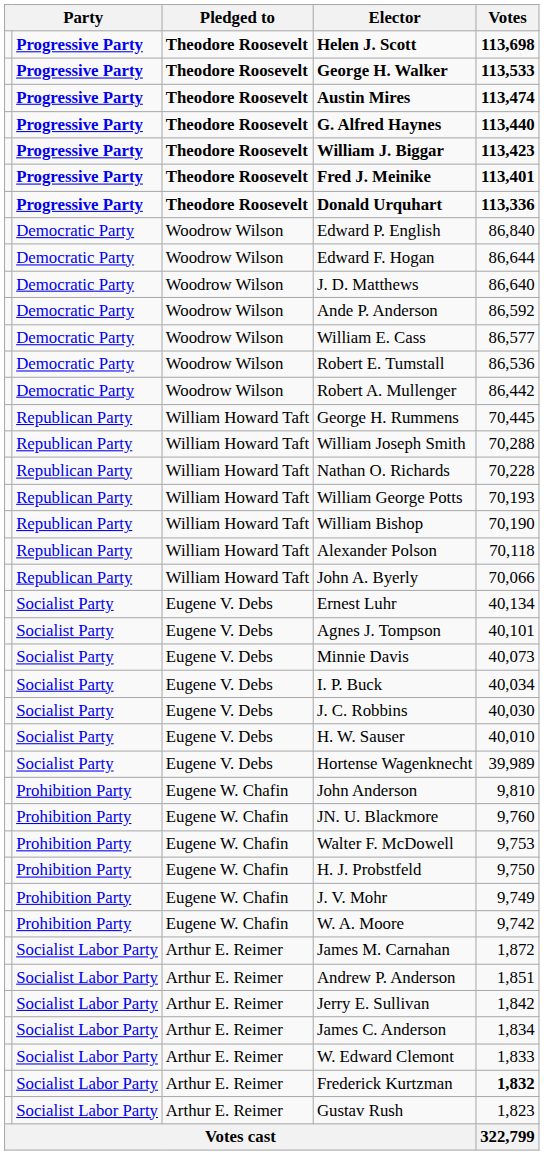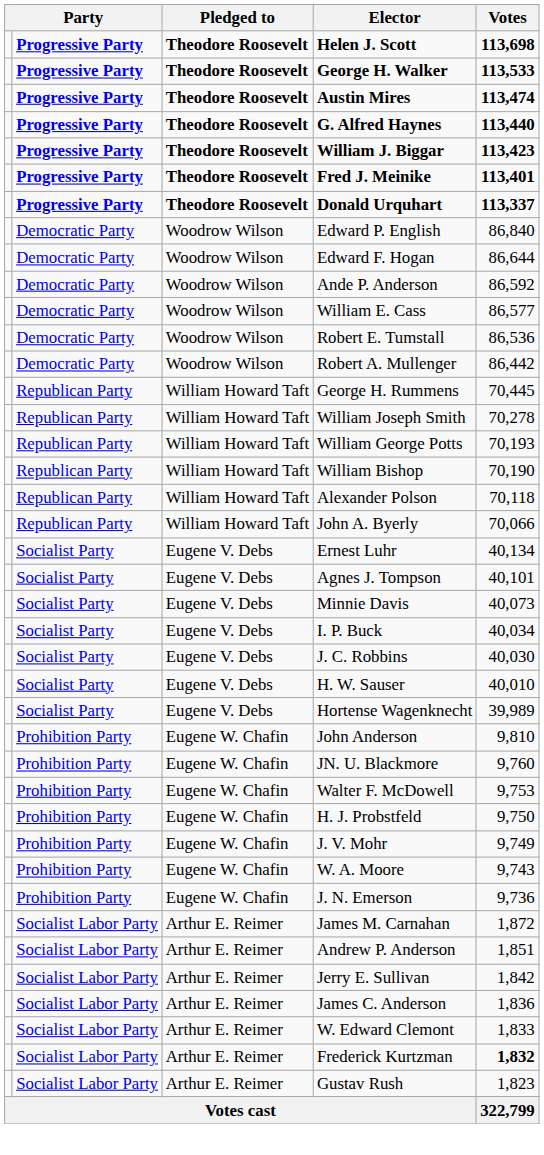 <table class="wikitable">
 <tr>
 <th colspan=2>Party</th>
 <th>Pledged to</th>
 <th>Elector</th>
 <th>Votes</th>
 </tr>
 <tr style="font-weight:bold">
 <td></td>
 <td><a href='#'>Progressive Party</a></td>
 <td>Theodore Roosevelt</td>
 <td>Helen J. Scott</td>
 <td align="right">113,698</td>
 </tr>
 <tr style="font-weight:bold">
 <td></td>
 <td><a href='#'>Progressive Party</a></td>
 <td>Theodore Roosevelt</td>
 <td>George H. Walker</td>
 <td align="right">113,533</td>
 </tr>
 <tr style="font-weight:bold">
 <td></td>
 <td><a href='#'>Progressive Party</a></td>
 <td>Theodore Roosevelt</td>
 <td>Austin Mires</td>
 <td align="right">113,474</td>
 </tr>
 <tr style="font-weight:bold">
 <td></td>
 <td><a href='#'>Progressive Party</a></td>
 <td>Theodore Roosevelt</td>
 <td>G. Alfred Haynes</td>
 <td align="right">113,440</td>
 </tr>
 <tr style="font-weight:bold">
 <td></td>
 <td><a href='#'>Progressive Party</a></td>
 <td>Theodore Roosevelt</td>
 <td>William J. Biggar</td>
 <td align="right">113,423</td>
 </tr>
 <tr style="font-weight:bold">
 <td></td>
 <td><a href='#'>Progressive Party</a></td>
 <td>Theodore Roosevelt</td>
 <td>Fred J. Meinike</td>
 <td align="right">113,401</td>
 </tr>
 <tr style="font-weight:bold">
 <td></td>
 <td><a href='#'>Progressive Party</a></td>
 <td>Theodore Roosevelt</td>
 <td>Donald Urquhart</td>
-<td align="right">113,336</td>
+<td align="right">113,337</td>
 </tr>
 <tr>
 <td></td>
 <td><a href='#'>Democratic Party</a></td>
 <td>Woodrow Wilson</td>
 <td>Edward P. English</td>
 <td align="right">86,840</td>
 </tr>
 <tr>
 <td></td>
 <td><a href='#'>Democratic Party</a></td>
 <td>Woodrow Wilson</td>
 <td>Edward F. Hogan</td>
 <td align="right">86,644</td>
-</tr>
-<tr>
-<td></td>
-<td><a href='#'>Democratic Party</a></td>
-<td>Woodrow Wilson</td>
-<td>J. D. Matthews</td>
-<td align="right">86,640</td>
 </tr>
 <tr>
 <td></td>
 <td><a href='#'>Democratic Party</a></td>
 <td>Woodrow Wilson</td>
 <td>Ande P. Anderson</td>
 <td align="right">86,592</td>
 </tr>
 <tr>
 <td></td>
 <td><a href='#'>Democratic Party</a></td>
 <td>Woodrow Wilson</td>
 <td>William E. Cass</td>
 <td align="right">86,577</td>
 </tr>
 <tr>
 <td></td>
 <td><a href='#'>Democratic Party</a></td>
 <td>Woodrow Wilson</td>
 <td>Robert E. Tumstall</td>
 <td align="right">86,536</td>
 </tr>
 <tr>
 <td></td>
 <td><a href='#'>Democratic Party</a></td>
 <td>Woodrow Wilson</td>
 <td>Robert A. Mullenger</td>
 <td align="right">86,442</td>
 </tr>
 <tr>
 <td></td>
 <td><a href='#'>Republican Party</a></td>
 <td>William Howard Taft</td>
 <td>George H. Rummens</td>
 <td align="right">70,445</td>
 </tr>
 <tr>
 <td></td>
 <td><a href='#'>Republican Party</a></td>
 <td>William Howard Taft</td>
 <td>William Joseph Smith</td>
-<td align="right">70,288</td>
-</tr>
-<tr>
-<td></td>
-<td><a href='#'>Republican Party</a></td>
-<td>William Howard Taft</td>
-<td>Nathan O. Richards</td>
-<td align="right">70,228</td>
+<td align="right">70,278</td>
 </tr>
 <tr>
 <td></td>
 <td><a href='#'>Republican Party</a></td>
 <td>William Howard Taft</td>
 <td>William George Potts</td>
 <td align="right">70,193</td>
 </tr>
 <tr>
 <td></td>
 <td><a href='#'>Republican Party</a></td>
 <td>William Howard Taft</td>
 <td>William Bishop</td>
 <td align="right">70,190</td>
 </tr>
 <tr>
 <td></td>
 <td><a href='#'>Republican Party</a></td>
 <td>William Howard Taft</td>
 <td>Alexander Polson</td>
 <td align="right">70,118</td>
 </tr>
 <tr>
 <td></td>
 <td><a href='#'>Republican Party</a></td>
 <td>William Howard Taft</td>
 <td>John A. Byerly</td>
 <td align="right">70,066</td>
 </tr>
 <tr>
 <td></td>
 <td><a href='#'>Socialist Party</a></td>
 <td>Eugene V. Debs</td>
 <td>Ernest Luhr</td>
 <td align="right">40,134</td>
 </tr>
 <tr>
 <td></td>
 <td><a href='#'>Socialist Party</a></td>
 <td>Eugene V. Debs</td>
 <td>Agnes J. Tompson</td>
 <td align="right">40,101</td>
 </tr>
 <tr>
 <td></td>
 <td><a href='#'>Socialist Party</a></td>
 <td>Eugene V. Debs</td>
 <td>Minnie Davis</td>
 <td align="right">40,073</td>
 </tr>
 <tr>
 <td></td>
 <td><a href='#'>Socialist Party</a></td>
 <td>Eugene V. Debs</td>
 <td>I. P. Buck</td>
 <td align="right">40,034</td>
 </tr>
 <tr>
 <td></td>
 <td><a href='#'>Socialist Party</a></td>
 <td>Eugene V. Debs</td>
 <td>J. C. Robbins</td>
 <td align="right">40,030</td>
 </tr>
 <tr>
 <td></td>
 <td><a href='#'>Socialist Party</a></td>
 <td>Eugene V. Debs</td>
 <td>H. W. Sauser</td>
 <td align="right">40,010</td>
 </tr>
 <tr>
 <td></td>
 <td><a href='#'>Socialist Party</a></td>
 <td>Eugene V. Debs</td>
 <td>Hortense Wagenknecht</td>
 <td align="right">39,989</td>
 </tr>
 <tr>
 <td></td>
 <td><a href='#'>Prohibition Party</a></td>
 <td>Eugene W. Chafin</td>
 <td>John Anderson</td>
 <td align="right">9,810</td>
 </tr>
 <tr>
 <td></td>
 <td><a href='#'>Prohibition Party</a></td>
 <td>Eugene W. Chafin</td>
 <td>JN. U. Blackmore</td>
 <td align="right">9,760</td>
 </tr>
 <tr>
 <td></td>
 <td><a href='#'>Prohibition Party</a></td>
 <td>Eugene W. Chafin</td>
 <td>Walter F. McDowell</td>
 <td align="right">9,753</td>
 </tr>
 <tr>
 <td></td>
 <td><a href='#'>Prohibition Party</a></td>
 <td>Eugene W. Chafin</td>
 <td>H. J. Probstfeld</td>
 <td align="right">9,750</td>
 </tr>
 <tr>
 <td></td>
 <td><a href='#'>Prohibition Party</a></td>
 <td>Eugene W. Chafin</td>
 <td>J. V. Mohr</td>
 <td align="right">9,749</td>
 </tr>
 <tr>
 <td></td>
 <td><a href='#'>Prohibition Party</a></td>
 <td>Eugene W. Chafin</td>
 <td>W. A. Moore</td>
-<td align="right">9,742</td>
+<td align="right">9,743</td>
+</tr>
+<tr>
+<td></td>
+<td><a href='#'>Prohibition Party</a></td>
+<td>Eugene W. Chafin</td>
+<td>J. N. Emerson</td>
+<td align="right">9,736</td>
 </tr>
 <tr>
 <td></td>
 <td><a href='#'>Socialist Labor Party</a></td>
 <td>Arthur E. Reimer</td>
 <td>James M. Carnahan</td>
 <td align="right">1,872</td>
 </tr>
 <tr>
 <td></td>
 <td><a href='#'>Socialist Labor Party</a></td>
 <td>Arthur E. Reimer</td>
 <td>Andrew P. Anderson</td>
 <td align="right">1,851</td>
 </tr>
 <tr>
 <td></td>
 <td><a href='#'>Socialist Labor Party</a></td>
 <td>Arthur E. Reimer</td>
 <td>Jerry E. Sullivan</td>
 <td align="right">1,842</td>
 </tr>
 <tr>
 <td></td>
 <td><a href='#'>Socialist Labor Party</a></td>
 <td>Arthur E. Reimer</td>
 <td>James C. Anderson</td>
-<td align="right">1,834</td>
+<td align="right">1,836</td>
 </tr>
 <tr>
 <td></td>
 <td><a href='#'>Socialist Labor Party</a></td>
 <td>Arthur E. Reimer</td>
 <td>W. Edward Clemont</td>
 <td align="right">1,833</td>
 </tr>
 <tr>
 <td></td>
 <td><a href='#'>Socialist Labor Party</a></td>
 <td>Arthur E. Reimer</td>
 <td>Frederick Kurtzman</td>
 <td align="right"><strong>1,832</strong></td>
 </tr>
 <tr>
 <td></td>
 <td><a href='#'>Socialist Labor Party</a></td>
 <td>Arthur E. Reimer</td>
 <td>Gustav Rush</td>
 <td align="right">1,823</td>
 </tr>
 <tr>
 <th colspan="4">Votes cast</th>
 <th>322,799</th>
 </tr>
 </table>
